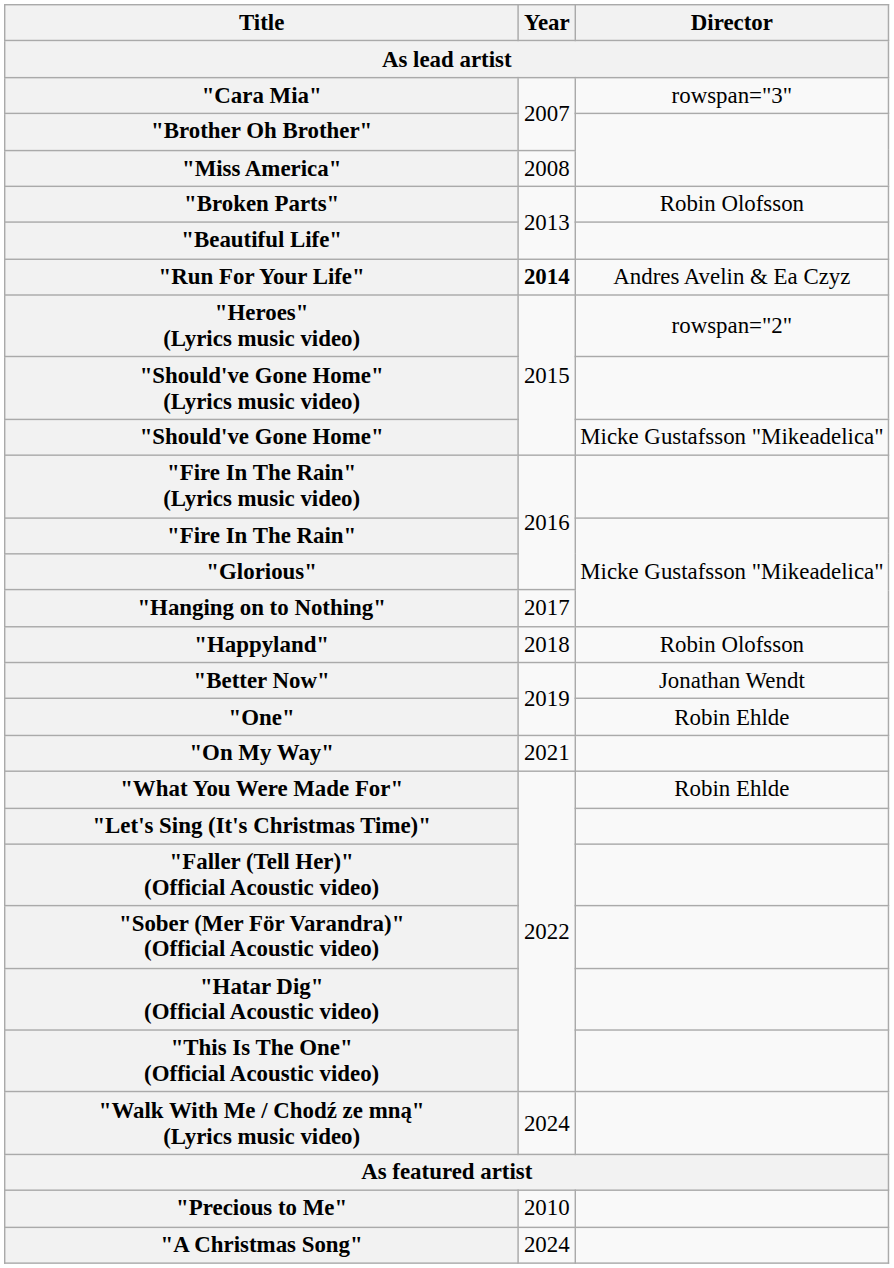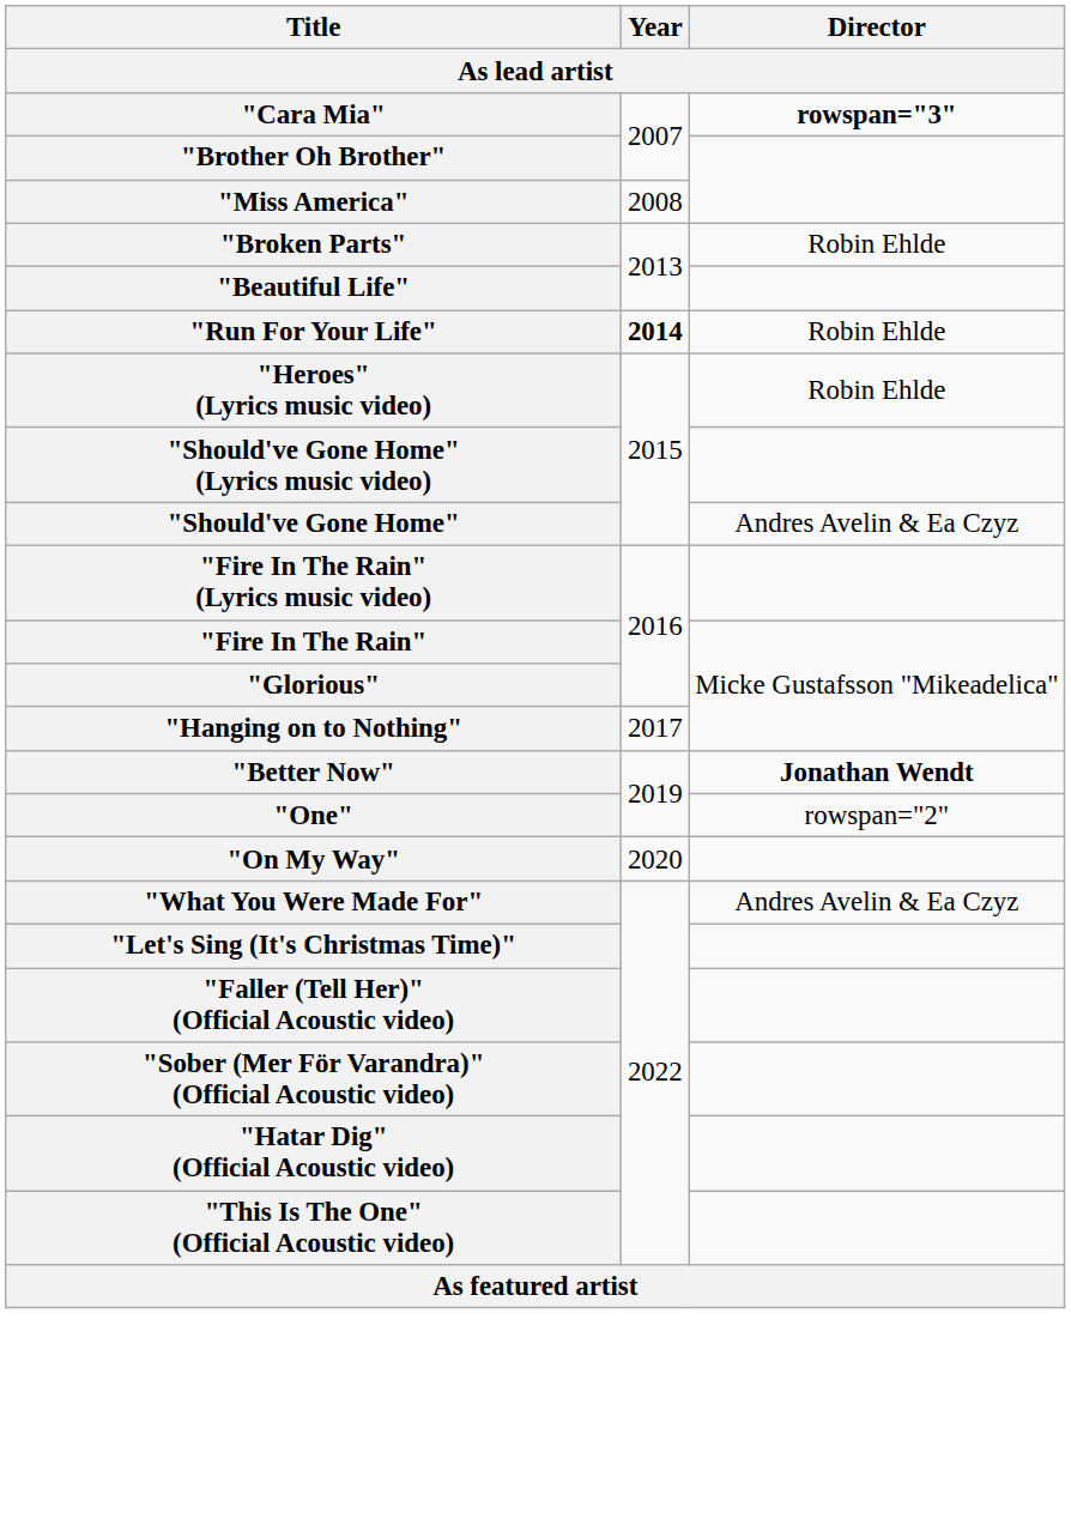 <table class="wikitable plainrowheaders" style="text-align:center;">
 <tr>
 <th scope="col" style="width:22em;">Title</th>
 <th scope="col" style="width:1em;">Year</th>
 <th scope="col">Director</th>
 </tr>
 <tr>
 <th scope="col" colspan="3">As lead artist</th>
 </tr>
 <tr>
 <th scope="row">"Cara Mia"</th>
 <td rowspan="2">2007</td>
-<td>rowspan="3" </td>
+<td><strong>rowspan="3" </strong></td>
 </tr>
 <tr>
 <th scope="row">"Brother Oh Brother"</th>
 </tr>
 <tr>
 <th scope="row">"Miss America"</th>
 <td>2008</td>
 </tr>
 <tr>
 <th scope="row">"Broken Parts"</th>
 <td rowspan="2">2013</td>
-<td>Robin Olofsson</td>
+<td>Robin Ehlde</td>
 </tr>
 <tr>
 <th scope="row">"Beautiful Life"</th>
 <td></td>
 </tr>
 <tr>
 <th scope="row">"Run For Your Life"</th>
 <td><strong>2014</strong></td>
-<td>Andres Avelin & Ea Czyz</td>
+<td>Robin Ehlde</td>
 </tr>
 <tr>
 <th scope="row">"Heroes"<br><span>(Lyrics music video)</span></th>
 <td rowspan="3">2015</td>
-<td>rowspan="2" </td>
+<td>Robin Ehlde</td>
 </tr>
 <tr>
 <th scope="row">"Should've Gone Home"<br><span>(Lyrics music video)</span></th>
 </tr>
 <tr>
 <th scope="row">"Should've Gone Home"</th>
-<td>Micke Gustafsson "Mikeadelica"</td>
+<td>Andres Avelin & Ea Czyz</td>
 </tr>
 <tr>
 <th scope="row">"Fire In The Rain"<br><span>(Lyrics music video)</span></th>
 <td rowspan="3">2016</td>
 <td></td>
 </tr>
 <tr>
 <th scope="row">"Fire In The Rain"</th>
 <td rowspan="3">Micke Gustafsson "Mikeadelica"</td>
 </tr>
 <tr>
 <th scope="row">"Glorious"</th>
 </tr>
 <tr>
 <th scope="row">"Hanging on to Nothing"</th>
 <td>2017</td>
 </tr>
 <tr>
-<th scope="row">"Happyland"</th>
-<td>2018</td>
-<td>Robin Olofsson</td>
-</tr>
-<tr>
 <th scope="row">"Better Now"</th>
 <td rowspan="2">2019</td>
-<td>Jonathan Wendt</td>
+<td><strong>Jonathan Wendt</strong></td>
 </tr>
 <tr>
 <th scope="row">"One"</th>
-<td>Robin Ehlde</td>
+<td>rowspan="2" </td>
 </tr>
 <tr>
 <th scope="row">"On My Way"</th>
-<td>2021</td>
+<td>2020</td>
 <td></td>
 </tr>
 <tr>
 <th scope="row">"What You Were Made For"</th>
 <td rowspan="6">2022</td>
-<td>Robin Ehlde</td>
+<td>Andres Avelin & Ea Czyz</td>
 </tr>
 <tr>
 <th scope="row">"Let's Sing (It's Christmas Time)"</th>
 <td></td>
 </tr>
 <tr>
 <th scope="row">"Faller (Tell Her)"<br><span>(Official Acoustic video)</span></th>
 <td></td>
 </tr>
 <tr>
 <th scope="row">"Sober (Mer För Varandra)" <br><span>(Official Acoustic video)</span></th>
 <td></td>
 </tr>
 <tr>
 <th scope="row">"Hatar Dig"<br><span>(Official Acoustic video)</span></th>
 <td></td>
 </tr>
 <tr>
 <th scope="row">"This Is The One"<br><span>(Official Acoustic video)</span></th>
 <td></td>
 </tr>
 <tr>
-<th scope="row">"Walk With Me / Chodź ze mną"<br><span>(Lyrics music video)</span></th>
-<td>2024</td>
-<td></td>
-</tr>
-<tr>
 <th scope="col" colspan="3">As featured artist</th>
 </tr>
-<tr>
-<th scope="row">"Precious to Me"</th>
-<td>2010</td>
-<td></td>
-</tr>
-<tr>
-<th scope="row">"A Christmas Song"</th>
-<td>2024</td>
-<td></td>
-</tr>
 </table>
